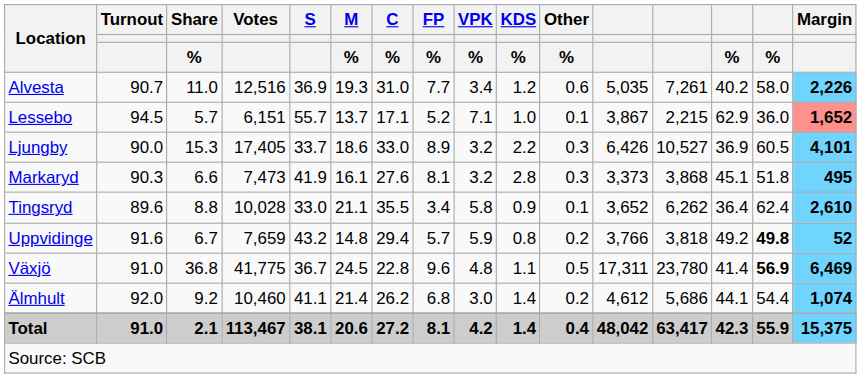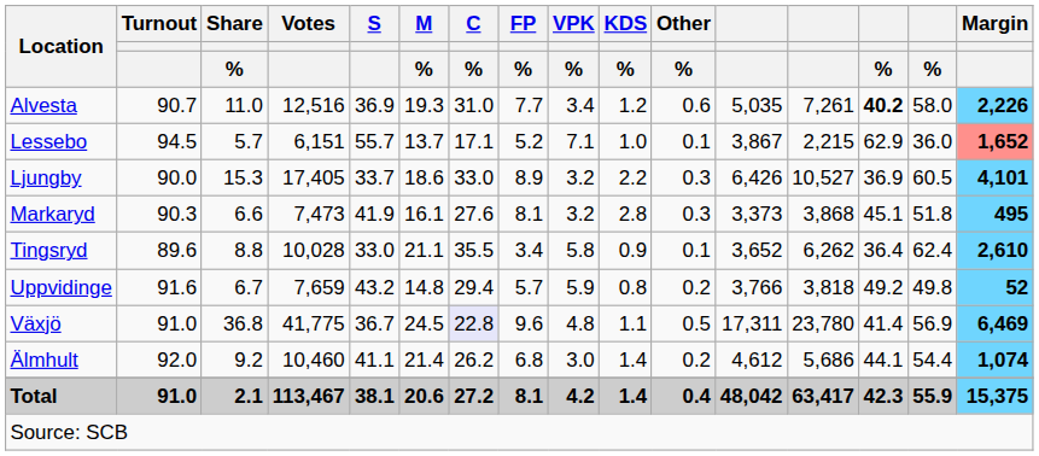 <table class="wikitable sortable" style="text-align:right; font-size:95%; line-height:20px;">
 <tr>
 <th rowspan="3">Location</th>
 <th>Turnout</th>
 <th>Share</th>
 <th>Votes</th>
 <th width="30px" class="unsortable"><a href='#'>S</a></th>
 <th width="30px" class="unsortable"><a href='#'>M</a></th>
 <th width="30px" class="unsortable"><a href='#'>C</a></th>
 <th width="30px" class="unsortable"><a href='#'>FP</a></th>
 <th width="30px" class="unsortable"><a href='#'>VPK</a></th>
 <th width="30px" class="unsortable"><a href='#'>KDS</a></th>
 <th width="30px" class="unsortable">Other</th>
 <th></th>
 <th></th>
 <th></th>
 <th></th>
 <th>Margin</th>
 </tr>
 <tr>
 <th></th>
 <th></th>
 <th></th>
 <th style="background:"></th>
 <th style="background:"></th>
 <th style="background:"></th>
 <th style="background:"></th>
 <th style="background:"></th>
 <th style="background:"></th>
 <th style="background:"></th>
 <th style="background:"></th>
 <th style="background:"></th>
 <th style="background:"></th>
 <th style="background:"></th>
 <th></th>
 </tr>
 <tr>
 <th></th>
 <th data-sort-type="number">%</th>
 <th data-sort-type="number"></th>
 <th></th>
 <th data-sort-type="number">%</th>
 <th data-sort-type="number">%</th>
 <th data-sort-type="number">%</th>
 <th data-sort-type="number">%</th>
 <th data-sort-type="number">%</th>
 <th data-sort-type="number">%</th>
 <th data-sort-type="number"></th>
 <th data-sort-type="number"></th>
 <th data-sort-type="number">%</th>
 <th data-sort-type="number">%</th>
 <th data-sort-type="number"></th>
 </tr>
 <tr>
 <td align=left><a href='#'>Alvesta</a></td>
 <td>90.7</td>
 <td>11.0</td>
 <td>12,516</td>
 <td>36.9</td>
 <td>19.3</td>
 <td>31.0</td>
 <td>7.7</td>
 <td>3.4</td>
 <td>1.2</td>
 <td>0.6</td>
 <td>5,035</td>
 <td>7,261</td>
-<td>40.2</td>
+<td><strong>40.2</strong></td>
 <td>58.0</td>
 <td bgcolor=#6fd5fe><strong>2,226</strong></td>
 </tr>
 <tr>
 <td align=left><a href='#'>Lessebo</a></td>
 <td>94.5</td>
 <td>5.7</td>
 <td>6,151</td>
 <td>55.7</td>
 <td>13.7</td>
 <td>17.1</td>
 <td>5.2</td>
 <td>7.1</td>
 <td>1.0</td>
 <td>0.1</td>
 <td>3,867</td>
 <td>2,215</td>
 <td>62.9</td>
 <td>36.0</td>
 <td bgcolor=#ff908c><strong>1,652</strong></td>
 </tr>
 <tr>
 <td align=left><a href='#'>Ljungby</a></td>
 <td>90.0</td>
 <td>15.3</td>
 <td>17,405</td>
 <td>33.7</td>
 <td>18.6</td>
 <td>33.0</td>
 <td>8.9</td>
 <td>3.2</td>
 <td>2.2</td>
 <td>0.3</td>
 <td>6,426</td>
 <td>10,527</td>
 <td>36.9</td>
 <td>60.5</td>
 <td bgcolor=#6fd5fe><strong>4,101</strong></td>
 </tr>
 <tr>
 <td align=left><a href='#'>Markaryd</a></td>
 <td>90.3</td>
 <td>6.6</td>
 <td>7,473</td>
 <td>41.9</td>
 <td>16.1</td>
 <td>27.6</td>
 <td>8.1</td>
 <td>3.2</td>
 <td>2.8</td>
 <td>0.3</td>
 <td>3,373</td>
 <td>3,868</td>
 <td>45.1</td>
 <td>51.8</td>
 <td bgcolor=#6fd5fe><strong>495</strong></td>
 </tr>
 <tr>
 <td align=left><a href='#'>Tingsryd</a></td>
 <td>89.6</td>
 <td>8.8</td>
 <td>10,028</td>
 <td>33.0</td>
 <td>21.1</td>
 <td>35.5</td>
 <td>3.4</td>
 <td>5.8</td>
 <td>0.9</td>
 <td>0.1</td>
 <td>3,652</td>
 <td>6,262</td>
 <td>36.4</td>
 <td>62.4</td>
 <td bgcolor=#6fd5fe><strong>2,610</strong></td>
 </tr>
 <tr>
 <td align=left><a href='#'>Uppvidinge</a></td>
 <td>91.6</td>
 <td>6.7</td>
 <td>7,659</td>
 <td>43.2</td>
 <td>14.8</td>
 <td>29.4</td>
 <td>5.7</td>
 <td>5.9</td>
 <td>0.8</td>
 <td>0.2</td>
 <td>3,766</td>
 <td>3,818</td>
 <td>49.2</td>
-<td><strong>49.8</strong></td>
+<td>49.8</td>
 <td bgcolor=#6fd5fe><strong>52</strong></td>
 </tr>
 <tr>
 <td align=left><a href='#'>Växjö</a></td>
 <td>91.0</td>
 <td>36.8</td>
 <td>41,775</td>
 <td>36.7</td>
 <td>24.5</td>
-<td>22.8</td>
+<td style="background: lavender;">22.8</td>
 <td>9.6</td>
 <td>4.8</td>
 <td>1.1</td>
 <td>0.5</td>
 <td>17,311</td>
 <td>23,780</td>
 <td>41.4</td>
-<td><strong>56.9</strong></td>
+<td>56.9</td>
 <td bgcolor=#6fd5fe><strong>6,469</strong></td>
 </tr>
 <tr>
 <td align=left><a href='#'>Älmhult</a></td>
 <td>92.0</td>
 <td>9.2</td>
 <td>10,460</td>
 <td>41.1</td>
 <td>21.4</td>
 <td>26.2</td>
 <td>6.8</td>
 <td>3.0</td>
 <td>1.4</td>
 <td>0.2</td>
 <td>4,612</td>
 <td>5,686</td>
 <td>44.1</td>
 <td>54.4</td>
 <td bgcolor=#6fd5fe><strong>1,074</strong></td>
 </tr>
 <tr>
 </tr>
 <tr style="background:#CDCDCD;">
 <td align=left><strong>Total</strong></td>
 <td><strong>91.0</strong></td>
 <td><strong>2.1</strong></td>
 <td><strong>113,467</strong></td>
 <td><strong>38.1</strong></td>
 <td><strong>20.6</strong></td>
 <td><strong>27.2</strong></td>
 <td><strong>8.1</strong></td>
 <td><strong>4.2</strong></td>
 <td><strong>1.4</strong></td>
 <td><strong>0.4</strong></td>
 <td><strong>48,042</strong></td>
 <td><strong>63,417</strong></td>
 <td><strong>42.3</strong></td>
 <td><strong>55.9</strong></td>
 <td bgcolor=#6fd5fe><strong>15,375</strong></td>
 </tr>
 <tr>
 <td align=left colspan=16>Source: SCB </td>
 </tr>
 </table>
